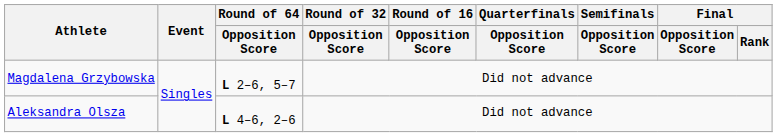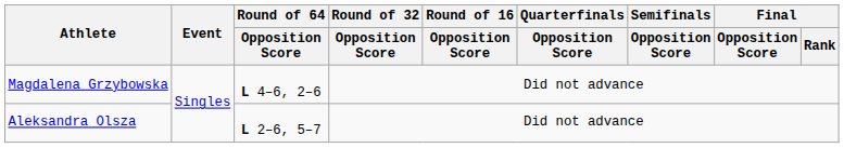 <table class="wikitable" border="1" style="font-size:90%">
 <tr>
 <th rowspan=2>Athlete</th>
 <th rowspan=2>Event</th>
 <th>Round of 64</th>
 <th>Round of 32</th>
 <th>Round of 16</th>
 <th>Quarterfinals</th>
 <th>Semifinals</th>
 <th colspan=2>Final</th>
 </tr>
 <tr>
 <th>Opposition<br>Score</th>
 <th>Opposition<br>Score</th>
 <th>Opposition<br>Score</th>
 <th>Opposition<br>Score</th>
 <th>Opposition<br>Score</th>
 <th>Opposition<br>Score</th>
 <th>Rank</th>
 </tr>
 <tr>
 <td><a href='#'>Magdalena Grzybowska</a></td>
 <td rowspan=2><a href='#'>Singles</a></td>
-<td align=center><br><strong>L</strong> 2–6, 5–7</td>
+<td align=center><br><strong>L</strong> 4–6, 2–6</td>
 <td align=center colspan=6>Did not advance</td>
 </tr>
 <tr>
 <td><a href='#'>Aleksandra Olsza</a></td>
-<td align=center><br><strong>L</strong> 4–6, 2–6</td>
+<td align=center><br><strong>L</strong> 2–6, 5–7</td>
 <td align=center colspan=6>Did not advance</td>
 </tr>
 </table>
